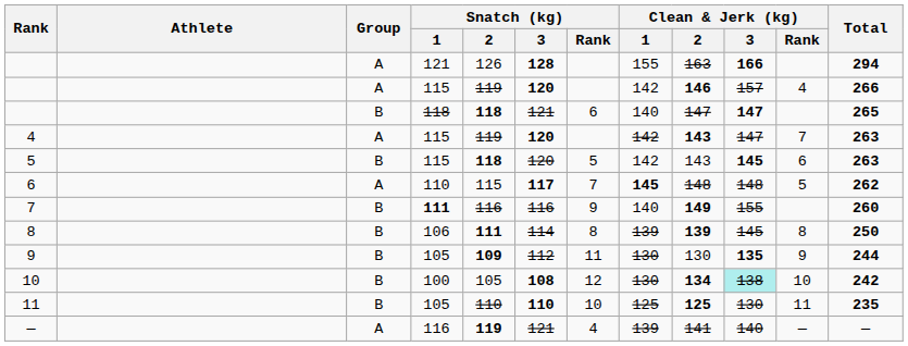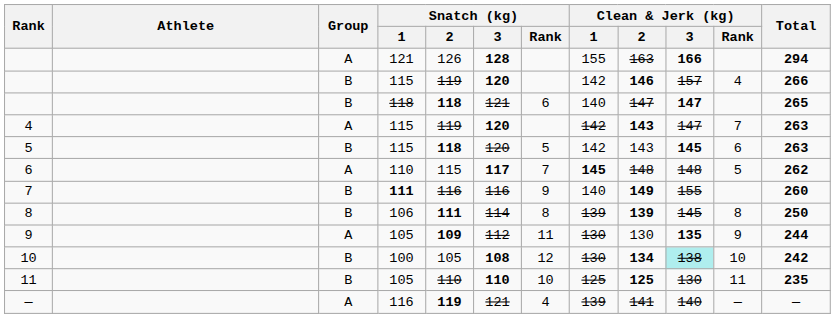 <table class = "wikitable" style="text-align:center;">
 <tr>
 <th rowspan=2 width=40>Rank</th>
 <th rowspan=2 width=250>Athlete</th>
 <th rowspan=2 width=50>Group</th>
 <th colspan=4>Snatch (kg)</th>
 <th colspan=4>Clean & Jerk (kg)</th>
 <th rowspan=2 width=60>Total</th>
 </tr>
 <tr>
 <th width=40>1</th>
 <th width=40>2</th>
 <th width=40>3</th>
 <th width=40>Rank</th>
 <th width=40>1</th>
 <th width=40>2</th>
 <th width=40>3</th>
 <th width=40>Rank</th>
 </tr>
 <tr>
 <td></td>
 <td align=left></td>
 <td>A</td>
 <td>121</td>
 <td>126</td>
 <td><strong>128</strong></td>
 <td></td>
 <td>155</td>
 <td><s>163</s></td>
 <td><strong>166</strong></td>
 <td></td>
 <td><strong>294</strong></td>
 </tr>
 <tr>
 <td></td>
 <td align=left></td>
-<td>A</td>
+<td>B</td>
 <td>115</td>
 <td><s>119</s></td>
 <td><strong>120</strong></td>
 <td></td>
 <td>142</td>
 <td><strong>146</strong></td>
 <td><s>157</s></td>
 <td>4</td>
 <td><strong>266</strong></td>
 </tr>
 <tr>
 <td></td>
 <td align=left></td>
 <td>B</td>
 <td><s>118</s></td>
 <td><strong>118</strong></td>
 <td><s>121</s></td>
 <td>6</td>
 <td>140</td>
 <td><s>147</s></td>
 <td><strong>147</strong></td>
 <td></td>
 <td><strong>265</strong></td>
 </tr>
 <tr>
 <td>4</td>
 <td align=left></td>
 <td>A</td>
 <td>115</td>
 <td><s>119</s></td>
 <td><strong>120</strong></td>
 <td></td>
 <td><s>142</s></td>
 <td><strong>143</strong></td>
 <td><s>147</s></td>
 <td>7</td>
 <td><strong>263</strong></td>
 </tr>
 <tr>
 <td>5</td>
 <td align=left></td>
 <td>B</td>
 <td>115</td>
 <td><strong>118</strong></td>
 <td><s>120</s></td>
 <td>5</td>
 <td>142</td>
 <td>143</td>
 <td><strong>145</strong></td>
 <td>6</td>
 <td><strong>263</strong></td>
 </tr>
 <tr>
 <td>6</td>
 <td align=left></td>
 <td>A</td>
 <td>110</td>
 <td>115</td>
 <td><strong>117</strong></td>
 <td>7</td>
 <td><strong>145</strong></td>
 <td><s>148</s></td>
 <td><s>148</s></td>
 <td>5</td>
 <td><strong>262</strong></td>
 </tr>
 <tr>
 <td>7</td>
 <td align=left></td>
 <td>B</td>
 <td><strong>111</strong></td>
 <td><s>116</s></td>
 <td><s>116</s></td>
 <td>9</td>
 <td>140</td>
 <td><strong>149</strong></td>
 <td><s>155</s></td>
 <td></td>
 <td><strong>260</strong></td>
 </tr>
 <tr>
 <td>8</td>
 <td align=left></td>
 <td>B</td>
 <td>106</td>
 <td><strong>111</strong></td>
 <td><s>114</s></td>
 <td>8</td>
 <td><s>139</s></td>
 <td><strong>139</strong></td>
 <td><s>145</s></td>
 <td>8</td>
 <td><strong>250</strong></td>
 </tr>
 <tr>
 <td>9</td>
 <td align=left></td>
-<td>B</td>
+<td>A</td>
 <td>105</td>
 <td><strong>109</strong></td>
 <td><s>112</s></td>
 <td>11</td>
 <td><s>130</s></td>
 <td>130</td>
 <td><strong>135</strong></td>
 <td>9</td>
 <td><strong>244</strong></td>
 </tr>
 <tr>
 <td>10</td>
 <td align=left></td>
 <td>B</td>
 <td>100</td>
 <td>105</td>
 <td><strong>108</strong></td>
 <td>12</td>
 <td><s>130</s></td>
 <td><strong>134</strong></td>
 <td style="background: paleturquoise;"><s>138</s></td>
 <td>10</td>
 <td><strong>242</strong></td>
 </tr>
 <tr>
 <td>11</td>
 <td align=left></td>
 <td>B</td>
 <td>105</td>
 <td><s>110</s></td>
 <td><strong>110</strong></td>
 <td>10</td>
 <td><s>125</s></td>
 <td><strong>125</strong></td>
 <td><s>130</s></td>
 <td>11</td>
 <td><strong>235</strong></td>
 </tr>
 <tr>
 <td>—</td>
 <td align=left></td>
 <td>A</td>
 <td>116</td>
 <td><strong>119</strong></td>
 <td><s>121</s></td>
 <td>4</td>
 <td><s>139</s></td>
 <td><s>141</s></td>
 <td><s>140</s></td>
 <td>—</td>
 <td>—</td>
 </tr>
 </table>
